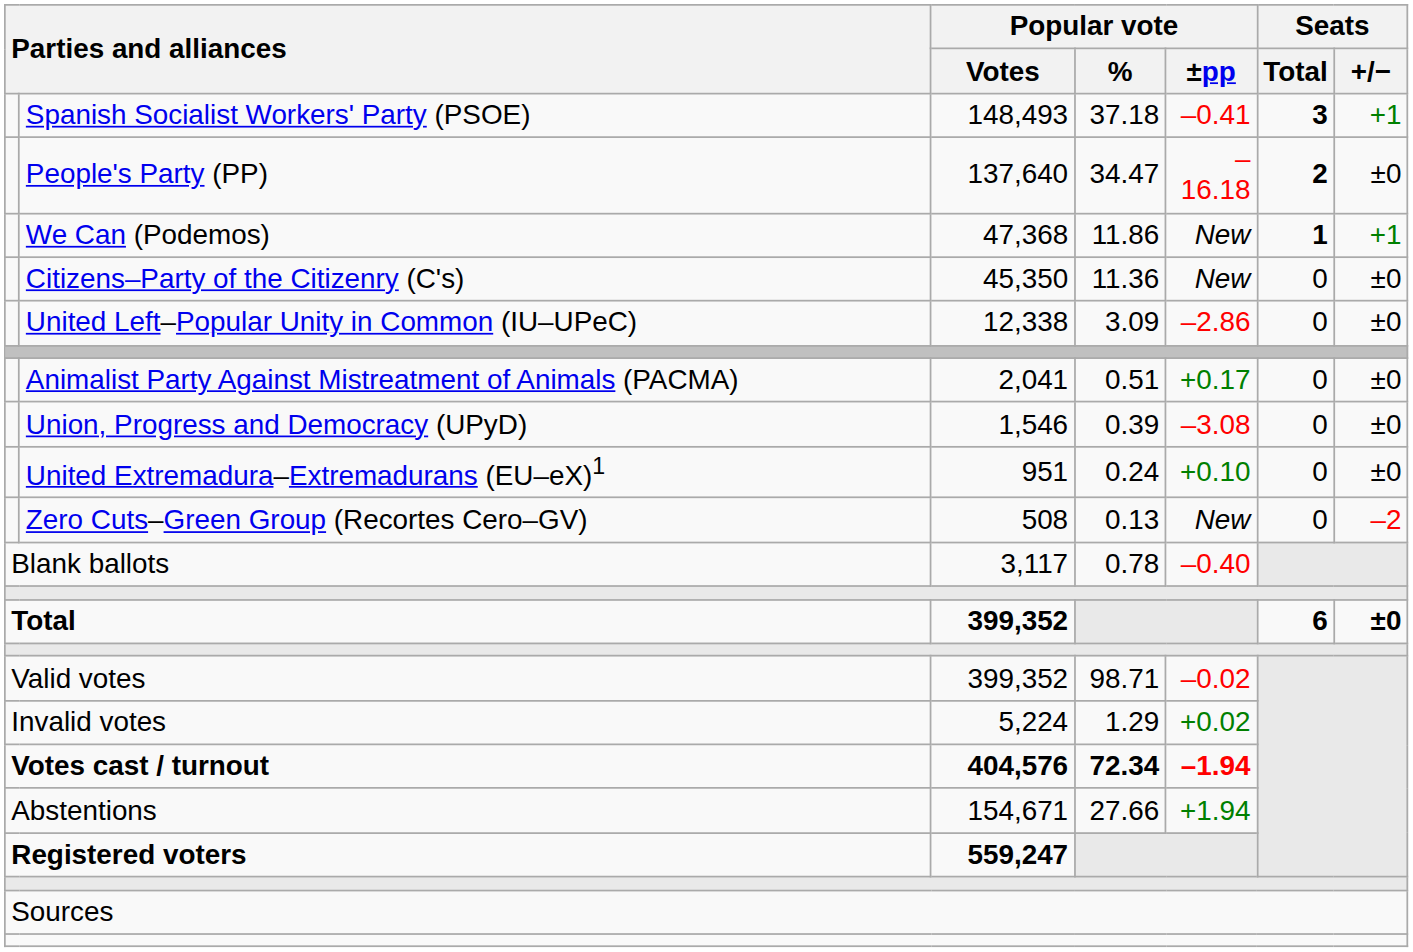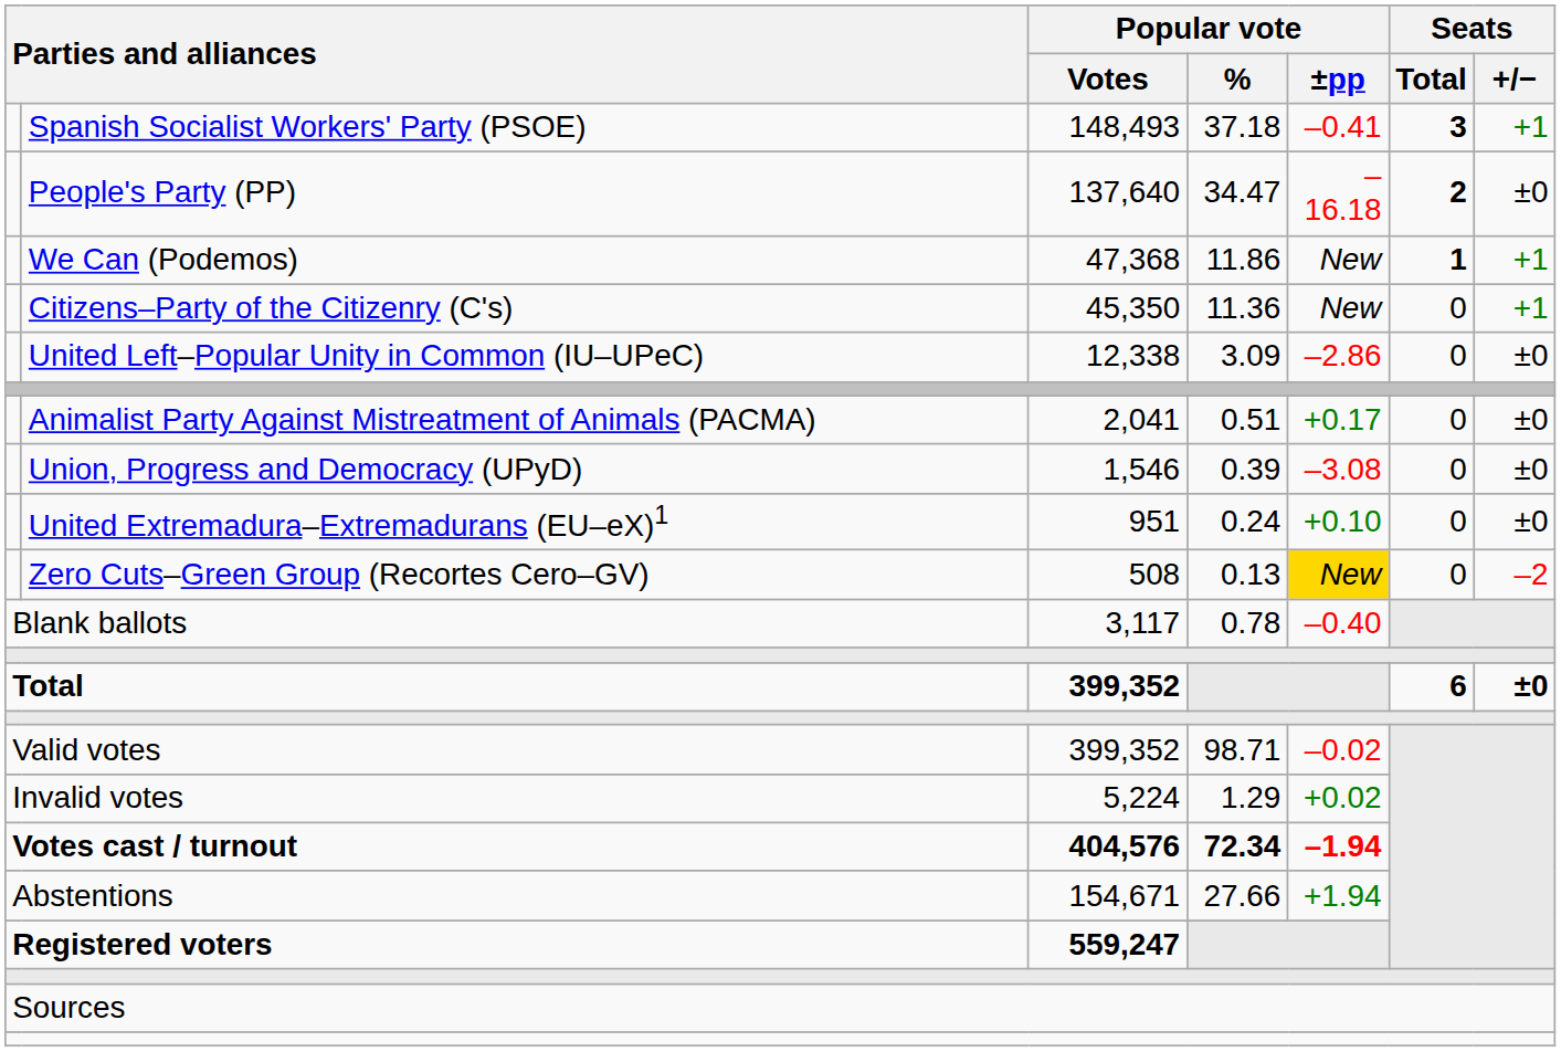 <table class="wikitable" style="text-align:right;">
 <tr>
 <th style="text-align:left;" rowspan="2" colspan="2" width="525">Parties and alliances</th>
 <th colspan="3">Popular vote</th>
 <th colspan="2">Seats</th>
 </tr>
 <tr>
 <th width="75">Votes</th>
 <th width="45">%</th>
 <th width="45">±<a href='#'>pp</a></th>
 <th width="35">Total</th>
 <th width="35">+/−</th>
 </tr>
 <tr>
 <td width="1" style="color:inherit;background:"></td>
 <td align="left"><a href='#'>Spanish Socialist Workers' Party</a> (PSOE)</td>
 <td>148,493</td>
 <td>37.18</td>
 <td style="color:red;">–0.41</td>
 <td><strong>3</strong></td>
 <td style="color:green;">+1</td>
 </tr>
 <tr>
 <td style="color:inherit;background:"></td>
 <td align="left"><a href='#'>People's Party</a> (PP)</td>
 <td>137,640</td>
 <td>34.47</td>
 <td style="color:red;">–16.18</td>
 <td><strong>2</strong></td>
 <td>±0</td>
 </tr>
 <tr>
 <td style="color:inherit;background:"></td>
 <td align="left"><a href='#'>We Can</a> (Podemos)</td>
 <td>47,368</td>
 <td>11.86</td>
 <td><em>New</em></td>
 <td><strong>1</strong></td>
 <td style="color:green;">+1</td>
 </tr>
 <tr>
 <td style="color:inherit;background:"></td>
 <td align="left"><a href='#'>Citizens–Party of the Citizenry</a> (C's)</td>
 <td>45,350</td>
 <td>11.36</td>
 <td><em>New</em></td>
 <td>0</td>
-<td>±0</td>
+<td style="color:green;">+1</td>
 </tr>
 <tr>
 <td style="color:inherit;background:"></td>
 <td align="left"><a href='#'>United Left</a>–<a href='#'>Popular Unity in Common</a> (IU–UPeC)</td>
 <td>12,338</td>
 <td>3.09</td>
 <td style="color:red;">–2.86</td>
 <td>0</td>
 <td>±0</td>
 </tr>
 <tr>
 <td colspan="7" bgcolor="#C0C0C0"></td>
 </tr>
 <tr>
 <td style="color:inherit;background:"></td>
 <td align="left"><a href='#'>Animalist Party Against Mistreatment of Animals</a> (PACMA)</td>
 <td>2,041</td>
 <td>0.51</td>
 <td style="color:green;">+0.17</td>
 <td>0</td>
 <td>±0</td>
 </tr>
 <tr>
 <td style="color:inherit;background:"></td>
 <td align="left"><a href='#'>Union, Progress and Democracy</a> (UPyD)</td>
 <td>1,546</td>
 <td>0.39</td>
 <td style="color:red;">–3.08</td>
 <td>0</td>
 <td>±0</td>
 </tr>
 <tr>
 <td style="color:inherit;background:"></td>
 <td align="left"><a href='#'>United Extremadura</a>–<a href='#'>Extremadurans</a> (EU–eX)<sup>1</sup></td>
 <td>951</td>
 <td>0.24</td>
 <td style="color:green;">+0.10</td>
 <td>0</td>
 <td>±0</td>
 </tr>
 <tr>
 <td style="color:inherit;background:"></td>
 <td align="left"><a href='#'>Zero Cuts</a>–<a href='#'>Green Group</a> (Recortes Cero–GV)</td>
 <td>508</td>
 <td>0.13</td>
-<td><em>New</em></td>
+<td style="background: gold;"><em>New</em></td>
 <td>0</td>
 <td style="color:red;">–2</td>
 </tr>
 <tr>
 <td align="left" colspan="2">Blank ballots</td>
 <td>3,117</td>
 <td>0.78</td>
 <td style="color:red;">–0.40</td>
 <td bgcolor="#E9E9E9" colspan="2"></td>
 </tr>
 <tr>
 <td colspan="7" bgcolor="#E9E9E9"></td>
 </tr>
 <tr style="font-weight:bold;">
 <td align="left" colspan="2">Total</td>
 <td>399,352</td>
 <td bgcolor="#E9E9E9" colspan="2"></td>
 <td>6</td>
 <td>±0</td>
 </tr>
 <tr>
 <td colspan="7" bgcolor="#E9E9E9"></td>
 </tr>
 <tr>
 <td align="left" colspan="2">Valid votes</td>
 <td>399,352</td>
 <td>98.71</td>
 <td style="color:red;">–0.02</td>
 <td bgcolor="#E9E9E9" colspan="2" rowspan="5"></td>
 </tr>
 <tr>
 <td align="left" colspan="2">Invalid votes</td>
 <td>5,224</td>
 <td>1.29</td>
 <td style="color:green;">+0.02</td>
 </tr>
 <tr style="font-weight:bold;">
 <td align="left" colspan="2">Votes cast / turnout</td>
 <td>404,576</td>
 <td>72.34</td>
 <td style="color:red;">–1.94</td>
 </tr>
 <tr>
 <td align="left" colspan="2">Abstentions</td>
 <td>154,671</td>
 <td>27.66</td>
 <td style="color:green;">+1.94</td>
 </tr>
 <tr style="font-weight:bold;">
 <td align="left" colspan="2">Registered voters</td>
 <td>559,247</td>
 <td bgcolor="#E9E9E9" colspan="2"></td>
 </tr>
 <tr>
 <td colspan="7" bgcolor="#E9E9E9"></td>
 </tr>
 <tr>
 <td align="left" colspan="7">Sources</td>
 </tr>
 <tr>
 <td colspan="7" style="text-align:left; max-width:790px;"></td>
 </tr>
 </table>
